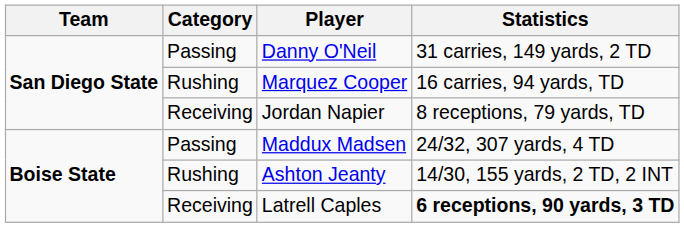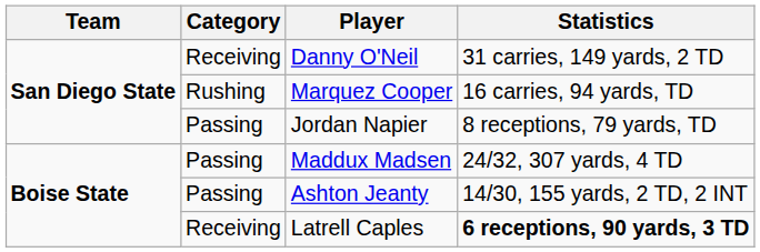 <table class="wikitable" style="float: right;">
 <tr>
 <th>Team</th>
 <th>Category</th>
 <th>Player</th>
 <th>Statistics</th>
 </tr>
 <tr>
 <td rowspan=3><strong>San Diego State</strong></td>
-<td>Passing</td>
+<td>Receiving</td>
 <td><a href='#'>Danny O'Neil</a></td>
 <td>31 carries, 149 yards, 2 TD</td>
 </tr>
 <tr>
 <td>Rushing</td>
 <td><a href='#'>Marquez Cooper</a></td>
 <td>16 carries, 94 yards, TD</td>
 </tr>
 <tr>
-<td>Receiving</td>
+<td>Passing</td>
 <td>Jordan Napier</td>
 <td>8 receptions, 79 yards, TD</td>
 </tr>
 <tr>
 <td rowspan=3><strong>Boise State</strong></td>
 <td>Passing</td>
 <td><a href='#'>Maddux Madsen</a></td>
 <td>24/32, 307 yards, 4 TD</td>
 </tr>
 <tr>
-<td>Rushing</td>
+<td>Passing</td>
 <td><a href='#'>Ashton Jeanty</a></td>
 <td>14/30, 155 yards, 2 TD, 2 INT</td>
 </tr>
 <tr>
 <td>Receiving</td>
 <td>Latrell Caples</td>
 <td><strong>6 receptions, 90 yards, 3 TD</strong></td>
 </tr>
 </table>
